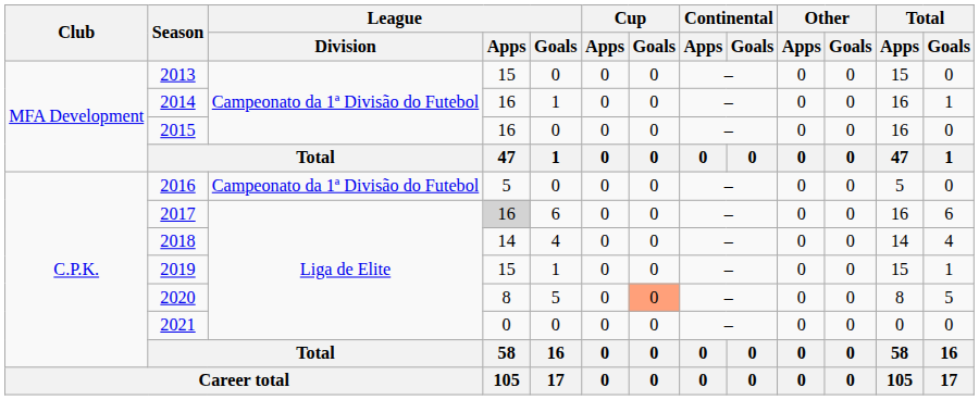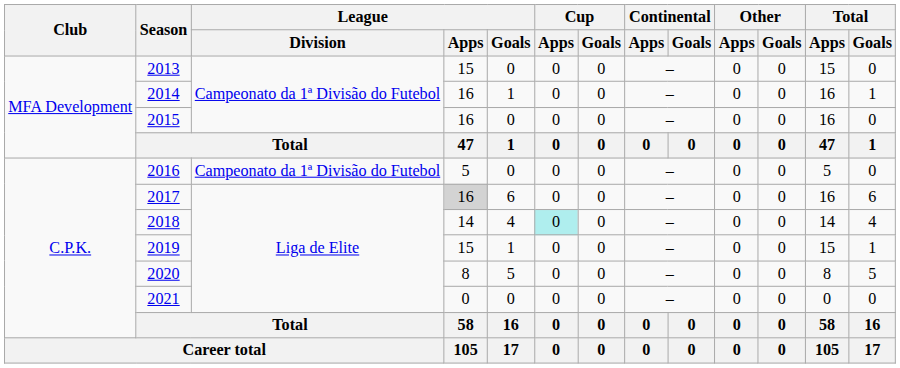 <table class="wikitable" style="text-align: center">
 <tr>
 <th rowspan="2">Club</th>
 <th rowspan="2">Season</th>
 <th colspan="3">League</th>
 <th colspan="2">Cup</th>
 <th colspan="2">Continental</th>
 <th colspan="2">Other</th>
 <th colspan="2">Total</th>
 </tr>
 <tr>
 <th>Division</th>
 <th>Apps</th>
 <th>Goals</th>
 <th>Apps</th>
 <th>Goals</th>
 <th>Apps</th>
 <th>Goals</th>
 <th>Apps</th>
 <th>Goals</th>
 <th>Apps</th>
 <th>Goals</th>
 </tr>
 <tr>
 <td rowspan="4"><a href='#'>MFA Development</a></td>
 <td><a href='#'>2013</a></td>
 <td rowspan="3"><a href='#'>Campeonato da 1ª Divisão do Futebol</a></td>
 <td>15</td>
 <td>0</td>
 <td>0</td>
 <td>0</td>
 <td colspan="2">–</td>
 <td>0</td>
 <td>0</td>
 <td>15</td>
 <td>0</td>
 </tr>
 <tr>
 <td><a href='#'>2014</a></td>
 <td>16</td>
 <td>1</td>
 <td>0</td>
 <td>0</td>
 <td colspan="2">–</td>
 <td>0</td>
 <td>0</td>
 <td>16</td>
 <td>1</td>
 </tr>
 <tr>
 <td><a href='#'>2015</a></td>
 <td>16</td>
 <td>0</td>
 <td>0</td>
 <td>0</td>
 <td colspan="2">–</td>
 <td>0</td>
 <td>0</td>
 <td>16</td>
 <td>0</td>
 </tr>
 <tr>
 <th colspan="2"><strong>Total</strong></th>
 <th>47</th>
 <th>1</th>
 <th>0</th>
 <th>0</th>
 <th>0</th>
 <th>0</th>
 <th>0</th>
 <th>0</th>
 <th>47</th>
 <th>1</th>
 </tr>
 <tr>
 <td rowspan="7"><a href='#'>C.P.K.</a></td>
 <td><a href='#'>2016</a></td>
 <td><a href='#'>Campeonato da 1ª Divisão do Futebol</a></td>
 <td>5</td>
 <td>0</td>
 <td>0</td>
 <td>0</td>
 <td colspan="2">–</td>
 <td>0</td>
 <td>0</td>
 <td>5</td>
 <td>0</td>
 </tr>
 <tr>
 <td><a href='#'>2017</a></td>
 <td rowspan="5"><a href='#'>Liga de Elite</a></td>
 <td style="background: lightgrey;">16</td>
 <td>6</td>
 <td>0</td>
 <td>0</td>
 <td colspan="2">–</td>
 <td>0</td>
 <td>0</td>
 <td>16</td>
 <td>6</td>
 </tr>
 <tr>
 <td><a href='#'>2018</a></td>
 <td>14</td>
 <td>4</td>
-<td>0</td>
+<td style="background: paleturquoise;">0</td>
 <td>0</td>
 <td colspan="2">–</td>
 <td>0</td>
 <td>0</td>
 <td>14</td>
 <td>4</td>
 </tr>
 <tr>
 <td><a href='#'>2019</a></td>
 <td>15</td>
 <td>1</td>
 <td>0</td>
 <td>0</td>
 <td colspan="2">–</td>
 <td>0</td>
 <td>0</td>
 <td>15</td>
 <td>1</td>
 </tr>
 <tr>
 <td><a href='#'>2020</a></td>
 <td>8</td>
 <td>5</td>
 <td>0</td>
-<td style="background: lightsalmon;">0</td>
+<td>0</td>
 <td colspan="2">–</td>
 <td>0</td>
 <td>0</td>
 <td>8</td>
 <td>5</td>
 </tr>
 <tr>
 <td><a href='#'>2021</a></td>
 <td>0</td>
 <td>0</td>
 <td>0</td>
 <td>0</td>
 <td colspan="2">–</td>
 <td>0</td>
 <td>0</td>
 <td>0</td>
 <td>0</td>
 </tr>
 <tr>
 <th colspan="2"><strong>Total</strong></th>
 <th>58</th>
 <th>16</th>
 <th>0</th>
 <th>0</th>
 <th>0</th>
 <th>0</th>
 <th>0</th>
 <th>0</th>
 <th>58</th>
 <th>16</th>
 </tr>
 <tr>
 <th colspan="3"><strong>Career total</strong></th>
 <th>105</th>
 <th>17</th>
 <th>0</th>
 <th>0</th>
 <th>0</th>
 <th>0</th>
 <th>0</th>
 <th>0</th>
 <th>105</th>
 <th>17</th>
 </tr>
 </table>
